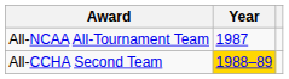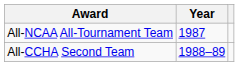 <table class="wikitable">
 <tr>
 <th>Award</th>
 <th>Year</th>
 <th></th>
 </tr>
 <tr>
 <td>All-<a href='#'>NCAA</a> <a href='#'>All-Tournament Team</a></td>
 <td><a href='#'>1987</a></td>
 <td></td>
 </tr>
 <tr>
 <td>All-<a href='#'>CCHA</a> <a href='#'>Second Team</a></td>
-<td style="background: gold;"><a href='#'>1988–89</a></td>
+<td><a href='#'>1988–89</a></td>
 <td></td>
 </tr>
 </table>
